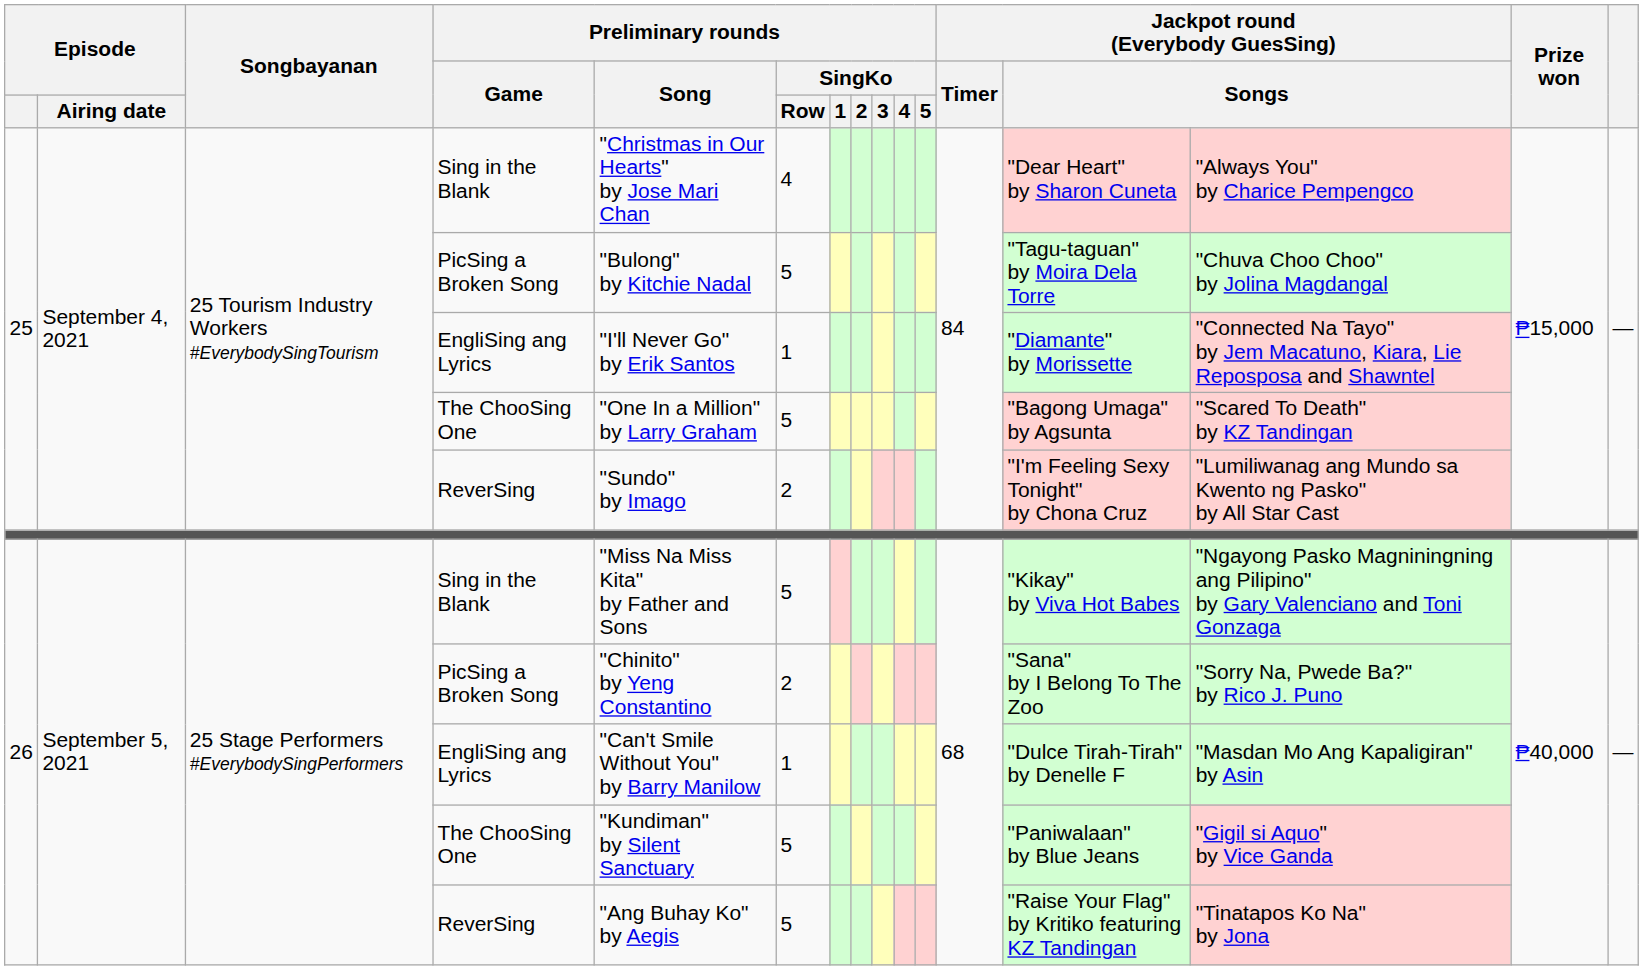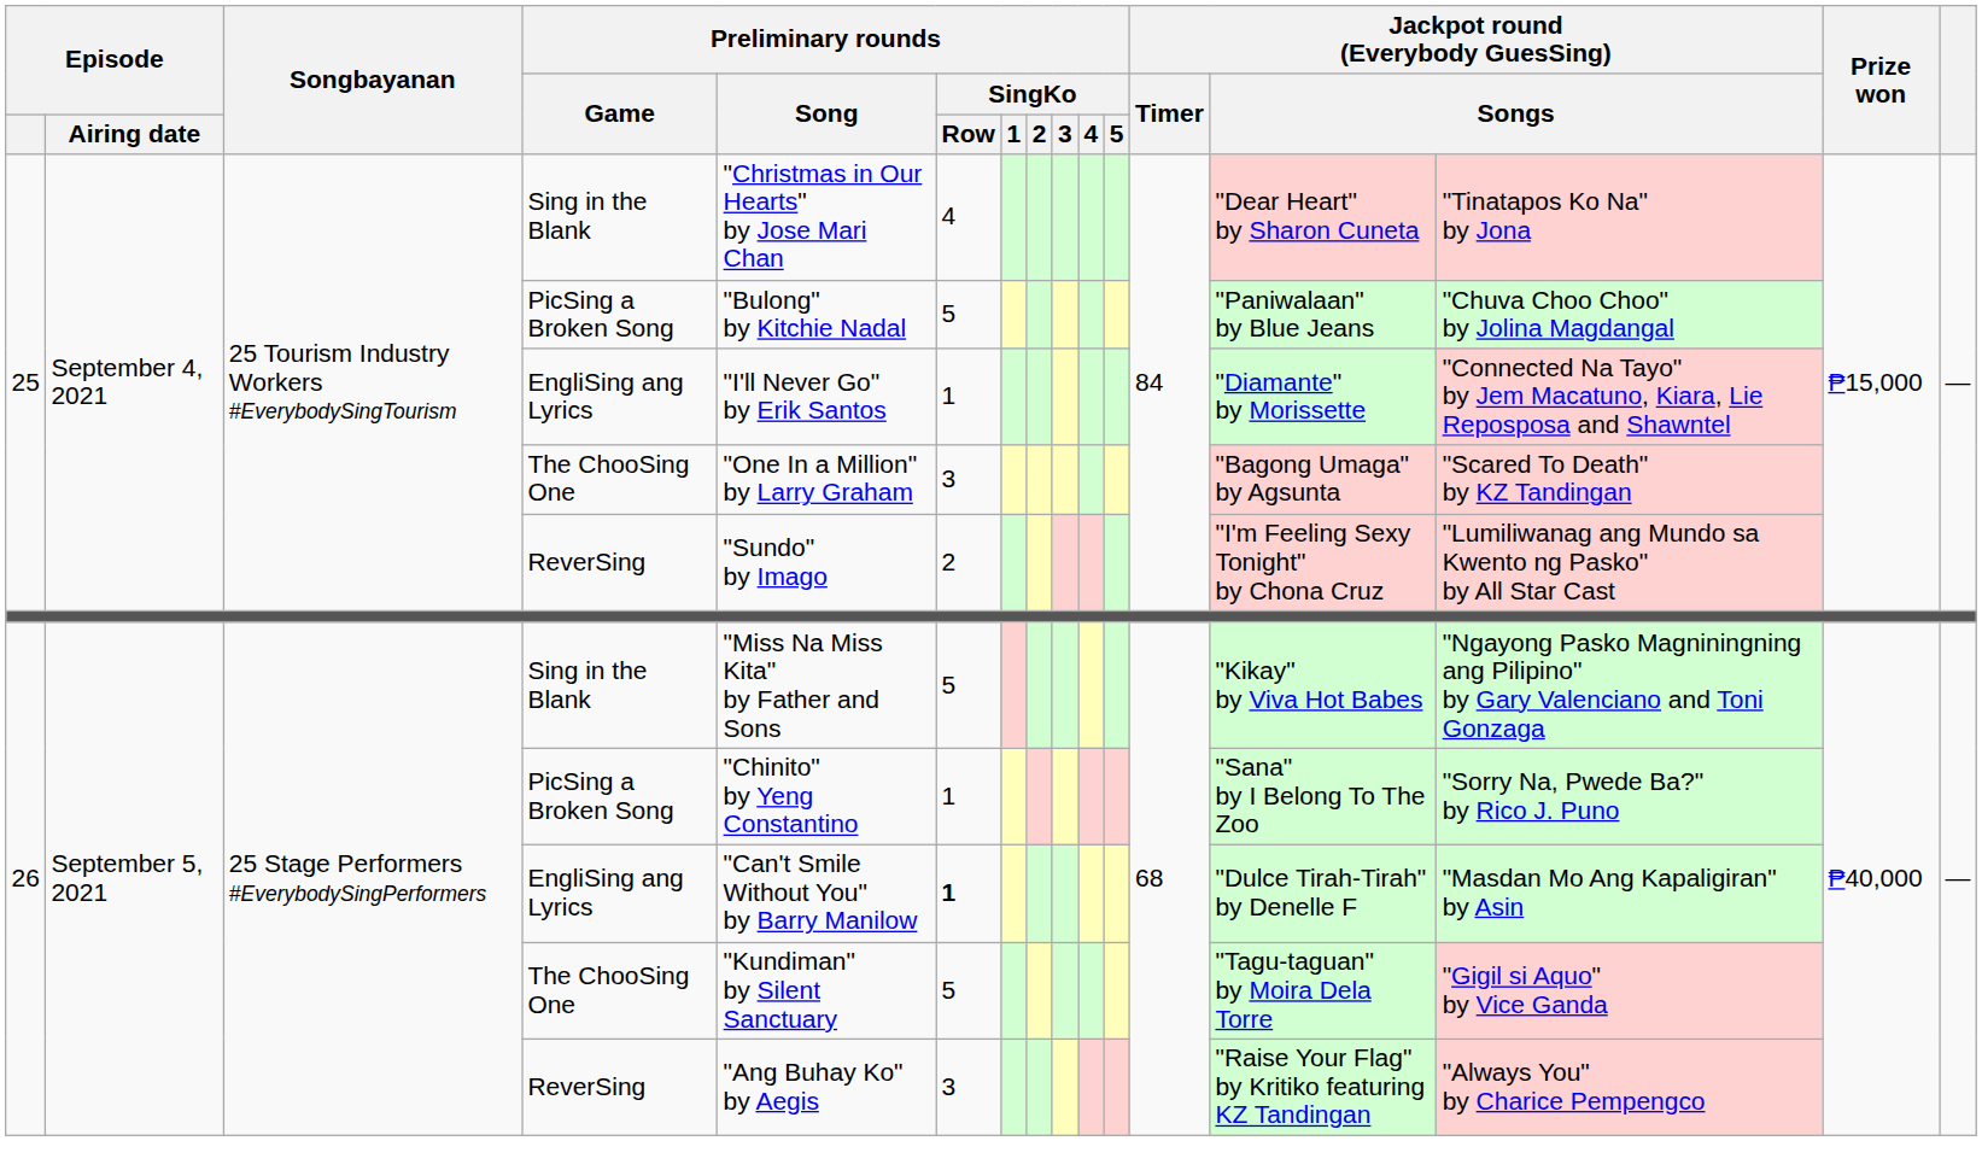 <table class="wikitable plainrowheaders mw-collapsible ">
 <tr>
 <th colspan="2" rowspan="2">Episode</th>
 <th rowspan="3">Songbayanan</th>
 <th colspan="8">Preliminary rounds</th>
 <th colspan="3">Jackpot round<br>(Everybody GuesSing)</th>
 <th rowspan="3">Prize won</th>
 <th rowspan="3"></th>
 </tr>
 <tr>
 <th rowspan="2">Game</th>
 <th rowspan="2">Song</th>
 <th colspan="6">SingKo</th>
 <th rowspan="2">Timer</th>
 <th colspan="2" rowspan="2">Songs</th>
 </tr>
 <tr>
 <th></th>
 <th>Airing date</th>
 <th>Row</th>
 <th>1</th>
 <th>2</th>
 <th>3</th>
 <th>4</th>
 <th>5</th>
 </tr>
 <tr>
 <td rowspan="5">25</td>
 <td rowspan="5">September 4, 2021</td>
 <td rowspan="5">25 Tourism Industry Workers<br><small><em>#EverybodySingTourism</em></small></td>
 <td>Sing in the Blank</td>
 <td>"<a href='#'>Christmas in Our Hearts</a>"<br>by <a href='#'>Jose Mari Chan</a></td>
 <td>4</td>
 <td style="background:#D2FFD2"></td>
 <td style="background:#D2FFD2"></td>
 <td style="background:#D2FFD2"></td>
 <td style="background:#D2FFD2"></td>
 <td style="background:#D2FFD2"></td>
 <td rowspan="5">84 </td>
 <td style="background:#FFD2D2">"Dear Heart"<br>by <a href='#'>Sharon Cuneta</a></td>
-<td style="background:#FFD2D2">"Always You"<br>by <a href='#'>Charice Pempengco</a></td>
+<td style="background:#FFD2D2">"Tinatapos Ko Na"<br>by <a href='#'>Jona</a></td>
 <td rowspan="5"><a href='#'>₱</a>15,000</td>
 <td rowspan="5">—</td>
 </tr>
 <tr>
 <td>PicSing a Broken Song</td>
 <td>"Bulong"<br>by <a href='#'>Kitchie Nadal</a></td>
 <td>5</td>
 <td style="background:#FFB"></td>
 <td style="background:#D2FFD2"></td>
 <td style="background:#FFB"></td>
 <td style="background:#D2FFD2"></td>
 <td style="background:#FFB"></td>
-<td style="background:#D2FFD2">"Tagu-taguan"<br>by <a href='#'>Moira Dela Torre</a></td>
+<td style="background:#D2FFD2">"Paniwalaan"<br>by Blue Jeans</td>
 <td style="background:#D2FFD2">"Chuva Choo Choo"<br>by <a href='#'>Jolina Magdangal</a></td>
 </tr>
 <tr>
 <td>EngliSing ang Lyrics</td>
 <td>"I'll Never Go"<br>by <a href='#'>Erik Santos</a></td>
 <td>1</td>
 <td style="background:#D2FFD2"></td>
 <td style="background:#D2FFD2"></td>
 <td style="background:#FFB"></td>
 <td style="background:#D2FFD2"></td>
 <td style="background:#D2FFD2"></td>
 <td style="background:#D2FFD2">"<a href='#'>Diamante</a>"<br>by <a href='#'>Morissette</a></td>
 <td style="background:#FFD2D2">"Connected Na Tayo"<br>by <a href='#'>Jem Macatuno</a>, <a href='#'>Kiara</a>, <a href='#'>Lie Reposposa</a> and <a href='#'>Shawntel</a></td>
 </tr>
 <tr>
 <td>The ChooSing One</td>
 <td>"One In a Million"<br>by <a href='#'>Larry Graham</a></td>
-<td>5</td>
+<td>3</td>
 <td style="background:#FFB"></td>
 <td style="background:#FFB"></td>
 <td style="background:#FFB"></td>
 <td style="background:#D2FFD2"></td>
 <td style="background:#FFB"></td>
 <td style="background:#FFD2D2">"Bagong Umaga"<br>by Agsunta</td>
 <td style="background:#FFD2D2">"Scared To Death"<br>by <a href='#'>KZ Tandingan</a></td>
 </tr>
 <tr>
 <td>ReverSing</td>
 <td>"Sundo"<br>by <a href='#'>Imago</a></td>
 <td>2</td>
 <td style="background:#D2FFD2"></td>
 <td style="background:#FFB"></td>
 <td style="background:#FFD2D2"></td>
 <td style="background:#FFD2D2"></td>
 <td style="background:#D2FFD2"></td>
 <td style="background:#FFD2D2">"I'm Feeling Sexy Tonight"<br>by Chona Cruz</td>
 <td style="background:#FFD2D2">"Lumiliwanag ang Mundo sa Kwento ng Pasko"<br>by All Star Cast</td>
 </tr>
 <tr>
 <th colspan="16" style="background:#555"></th>
 </tr>
 <tr>
 <td rowspan="5">26</td>
 <td rowspan="5">September 5, 2021</td>
 <td rowspan="5">25 Stage Performers<br><small><em>#EverybodySingPerformers</em></small></td>
 <td>Sing in the Blank</td>
 <td>"Miss Na Miss Kita"<br>by Father and Sons</td>
 <td>5</td>
 <td style="background:#FFD2D2"></td>
 <td style="background:#D2FFD2"></td>
 <td style="background:#D2FFD2"></td>
 <td style="background:#FFB"></td>
 <td style="background:#D2FFD2"></td>
 <td rowspan="5">68 </td>
 <td style="background:#D2FFD2">"Kikay"<br>by <a href='#'>Viva Hot Babes</a></td>
 <td style="background:#D2FFD2">"Ngayong Pasko Magniningning ang Pilipino" <br>by <a href='#'>Gary Valenciano</a> and <a href='#'>Toni Gonzaga</a></td>
 <td rowspan="5"><a href='#'>₱</a>40,000</td>
 <td rowspan="5">—</td>
 </tr>
 <tr>
 <td>PicSing a Broken Song</td>
 <td>"Chinito"<br>by <a href='#'>Yeng Constantino</a></td>
-<td>2</td>
+<td>1</td>
 <td style="background:#FFB"></td>
 <td style="background:#FFD2D2"></td>
 <td style="background:#FFB"></td>
 <td style="background:#FFD2D2"></td>
 <td style="background:#FFD2D2"></td>
 <td style="background:#D2FFD2">"Sana"<br>by I Belong To The Zoo</td>
 <td style="background:#D2FFD2">"Sorry Na, Pwede Ba?"<br>by <a href='#'>Rico J. Puno</a></td>
 </tr>
 <tr>
 <td>EngliSing ang Lyrics</td>
 <td>"Can't Smile Without You"<br>by <a href='#'>Barry Manilow</a></td>
-<td>1</td>
+<td><strong>1</strong></td>
 <td style="background:#FFB"></td>
 <td style="background:#D2FFD2"></td>
 <td style="background:#D2FFD2"></td>
 <td style="background:#FFB"></td>
 <td style="background:#FFB"></td>
 <td style="background:#D2FFD2">"Dulce Tirah-Tirah"<br>by Denelle F</td>
 <td style="background:#D2FFD2">"Masdan Mo Ang Kapaligiran"<br>by <a href='#'>Asin</a></td>
 </tr>
 <tr>
 <td>The ChooSing One</td>
 <td>"Kundiman"<br>by <a href='#'>Silent Sanctuary</a></td>
 <td>5</td>
 <td style="background:#D2FFD2"></td>
 <td style="background:#FFB"></td>
 <td style="background:#D2FFD2"></td>
 <td style="background:#D2FFD2"></td>
 <td style="background:#FFB"></td>
-<td style="background:#D2FFD2">"Paniwalaan"<br>by Blue Jeans</td>
+<td style="background:#D2FFD2">"Tagu-taguan"<br>by <a href='#'>Moira Dela Torre</a></td>
 <td style="background:#FFD2D2">"<a href='#'>Gigil si Aquo</a>"<br> by <a href='#'>Vice Ganda</a></td>
 </tr>
 <tr>
 <td>ReverSing</td>
 <td>"Ang Buhay Ko"<br>by <a href='#'>Aegis</a></td>
-<td>5</td>
+<td>3</td>
 <td style="background:#D2FFD2"></td>
 <td style="background:#D2FFD2"></td>
 <td style="background:#FFB"></td>
 <td style="background:#FFD2D2"></td>
 <td style="background:#FFD2D2"></td>
 <td style="background:#D2FFD2">"Raise Your Flag"<br>by Kritiko featuring<br> <a href='#'>KZ Tandingan</a></td>
-<td style="background:#FFD2D2">"Tinatapos Ko Na"<br>by <a href='#'>Jona</a></td>
+<td style="background:#FFD2D2">"Always You"<br>by <a href='#'>Charice Pempengco</a></td>
 </tr>
 </table>
